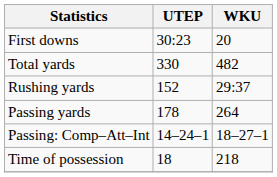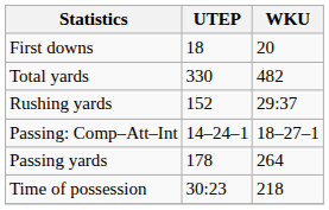 <table class="wikitable" style="float: left;">
 <tr>
 <th>Statistics</th>
 <th>UTEP</th>
 <th>WKU</th>
 </tr>
 <tr>
 <td>First downs</td>
-<td>30:23</td>
+<td>18</td>
 <td>20</td>
 </tr>
 <tr>
 <td>Total yards</td>
 <td>330</td>
 <td>482</td>
 </tr>
 <tr>
 <td>Rushing yards</td>
 <td>152</td>
 <td>29:37</td>
 </tr>
 <tr>
+<td>Passing: Comp–Att–Int</td>
+<td>14–24–1</td>
+<td>18–27–1</td>
+</tr>
+<tr>
 <td>Passing yards</td>
 <td>178</td>
 <td>264</td>
 </tr>
 <tr>
-<td>Passing: Comp–Att–Int</td>
-<td>14–24–1</td>
-<td>18–27–1</td>
-</tr>
-<tr>
 <td>Time of possession</td>
-<td>18</td>
+<td>30:23</td>
 <td>218</td>
 </tr>
 <tr>
 </tr>
 </table>
